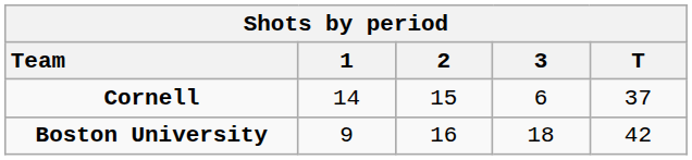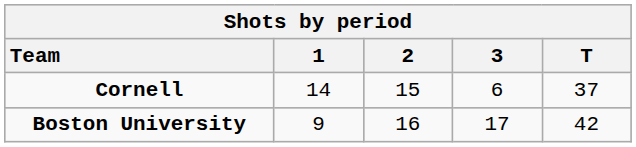 <table class="wikitable" style="width:30em; text-align:right;">
 <tr>
 <th colspan=5>Shots by period</th>
 </tr>
 <tr>
 <th style="width:10em; text-align:left;">Team</th>
 <th style="width:3em;">1</th>
 <th style="width:3em;">2</th>
 <th style="width:3em;">3</th>
 <th style="width:3em;">T</th>
 </tr>
 <tr>
 <td align=center><strong>Cornell</strong></td>
 <td align=center>14</td>
 <td align=center>15</td>
 <td align=center>6</td>
 <td align=center>37</td>
 </tr>
 <tr>
 <td align=center><strong>Boston University</strong></td>
 <td align=center>9</td>
 <td align=center>16</td>
-<td align=center>18</td>
+<td align=center>17</td>
 <td align=center>42</td>
 </tr>
 </table>
